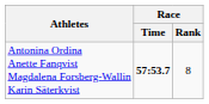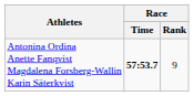 <table class="wikitable" border="1" style="font-size:90%">
 <tr>
 <th rowspan=2>Athletes</th>
 <th colspan=2>Race</th>
 </tr>
 <tr>
 <th>Time</th>
 <th>Rank</th>
 </tr>
 <tr>
 <td><a href='#'>Antonina Ordina</a><br><a href='#'>Anette Fanqvist</a><br><a href='#'>Magdalena Forsberg-Wallin</a><br><a href='#'>Karin Säterkvist</a></td>
 <td align=center><strong>57:53.7</strong></td>
-<td align=center>8</td>
+<td align=center>9</td>
 </tr>
 </table>
